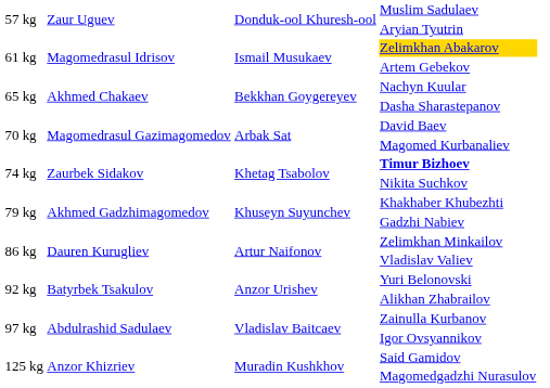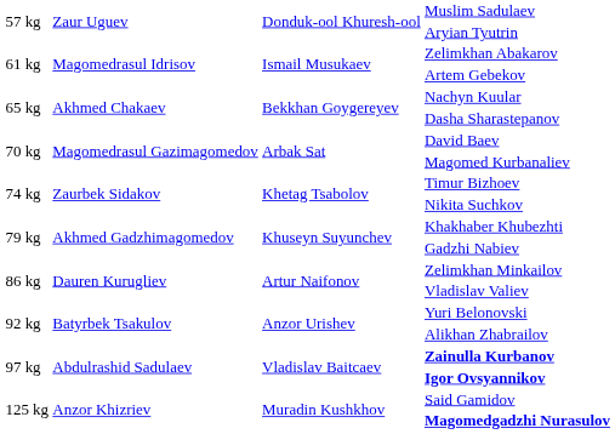 <table>
 <tr>
 <td rowspan=2>57 kg<br></td>
 <td rowspan=2> <a href='#'>Zaur Uguev</a></td>
 <td rowspan=2> <a href='#'>Donduk-ool Khuresh-ool</a></td>
 <td> <a href='#'>Muslim Sadulaev</a></td>
 </tr>
 <tr>
 <td> <a href='#'>Aryian Tyutrin</a></td>
 </tr>
 <tr>
 <td rowspan=2>61 kg<br></td>
 <td rowspan=2> <a href='#'>Magomedrasul Idrisov</a></td>
 <td rowspan=2> <a href='#'>Ismail Musukaev</a></td>
-<td style="background: gold;"> <a href='#'>Zelimkhan Abakarov</a></td>
+<td> <a href='#'>Zelimkhan Abakarov</a></td>
 </tr>
 <tr>
 <td> <a href='#'>Artem Gebekov</a></td>
 </tr>
 <tr>
 <td rowspan=2>65 kg<br></td>
 <td rowspan=2> <a href='#'>Akhmed Chakaev</a></td>
 <td rowspan=2> <a href='#'>Bekkhan Goygereyev</a></td>
 <td> <a href='#'>Nachyn Kuular</a></td>
 </tr>
 <tr>
 <td> <a href='#'>Dasha Sharastepanov</a></td>
 </tr>
 <tr>
 <td rowspan=2>70 kg<br></td>
 <td rowspan=2> <a href='#'>Magomedrasul Gazimagomedov</a></td>
 <td rowspan=2> <a href='#'>Arbak Sat</a></td>
 <td> <a href='#'>David Baev</a></td>
 </tr>
 <tr>
 <td> <a href='#'>Magomed Kurbanaliev</a></td>
 </tr>
 <tr>
 <td rowspan=2>74 kg<br></td>
 <td rowspan=2> <a href='#'>Zaurbek Sidakov</a></td>
 <td rowspan=2> <a href='#'>Khetag Tsabolov</a></td>
-<td><strong> <a href='#'>Timur Bizhoev</a></strong></td>
+<td> <a href='#'>Timur Bizhoev</a></td>
 </tr>
 <tr>
 <td> <a href='#'>Nikita Suchkov</a></td>
 </tr>
 <tr>
 <td rowspan=2>79 kg<br></td>
 <td rowspan=2> <a href='#'>Akhmed Gadzhimagomedov</a></td>
 <td rowspan=2> <a href='#'>Khuseyn Suyunchev</a></td>
 <td> <a href='#'>Khakhaber Khubezhti</a></td>
 </tr>
 <tr>
 <td> <a href='#'>Gadzhi Nabiev</a></td>
 </tr>
 <tr>
 <td rowspan=2>86 kg<br></td>
 <td rowspan=2> <a href='#'>Dauren Kurugliev</a></td>
 <td rowspan=2> <a href='#'>Artur Naifonov</a></td>
 <td> <a href='#'>Zelimkhan Minkailov</a></td>
 </tr>
 <tr>
 <td> <a href='#'>Vladislav Valiev</a></td>
 </tr>
 <tr>
 <td rowspan=2>92 kg<br></td>
 <td rowspan=2> <a href='#'>Batyrbek Tsakulov</a></td>
 <td rowspan=2> <a href='#'>Anzor Urishev</a></td>
 <td> <a href='#'>Yuri Belonovski</a></td>
 </tr>
 <tr>
 <td> <a href='#'>Alikhan Zhabrailov</a></td>
 </tr>
 <tr>
 <td rowspan=2>97 kg<br></td>
 <td rowspan=2> <a href='#'>Abdulrashid Sadulaev</a></td>
 <td rowspan=2> <a href='#'>Vladislav Baitcaev</a></td>
-<td> <a href='#'>Zainulla Kurbanov</a></td>
+<td><strong> <a href='#'>Zainulla Kurbanov</a></strong></td>
 </tr>
 <tr>
-<td> <a href='#'>Igor Ovsyannikov</a></td>
+<td><strong> <a href='#'>Igor Ovsyannikov</a></strong></td>
 </tr>
 <tr>
 <td rowspan=2>125 kg<br></td>
 <td rowspan=2> <a href='#'>Anzor Khizriev</a></td>
 <td rowspan=2> <a href='#'>Muradin Kushkhov</a></td>
 <td> <a href='#'>Said Gamidov</a></td>
 </tr>
 <tr>
-<td> <a href='#'>Magomedgadzhi Nurasulov</a></td>
+<td><strong> <a href='#'>Magomedgadzhi Nurasulov</a></strong></td>
 </tr>
 </table>
